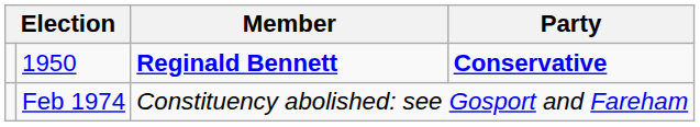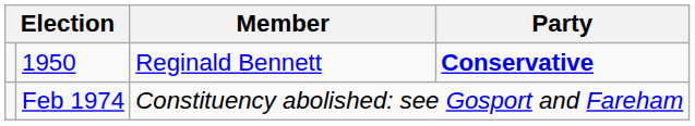 <table class="wikitable">
 <tr>
 <th colspan="2">Election</th>
 <th>Member</th>
 <th>Party</th>
 </tr>
 <tr>
 <td style="color:inherit;background-color: "></td>
 <td><a href='#'>1950</a></td>
-<td><strong><a href='#'>Reginald Bennett</a></strong></td>
+<td><a href='#'>Reginald Bennett</a></td>
 <td><strong><a href='#'>Conservative</a></strong></td>
 </tr>
 <tr>
 <td></td>
 <td><a href='#'>Feb 1974</a></td>
 <td colspan="2"><em>Constituency abolished: see <a href='#'>Gosport</a> and <a href='#'>Fareham</a></em></td>
 </tr>
 </table>
